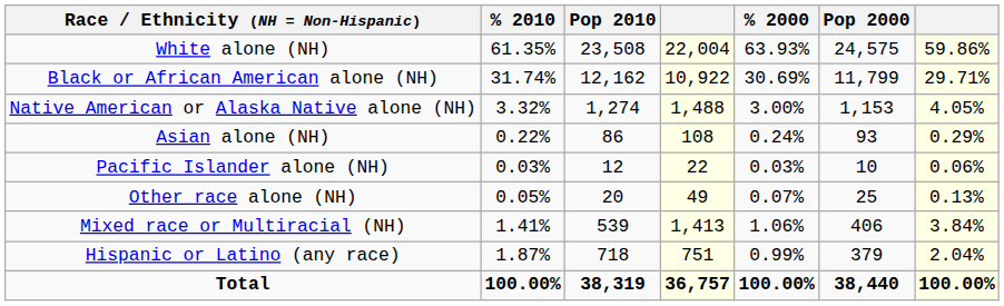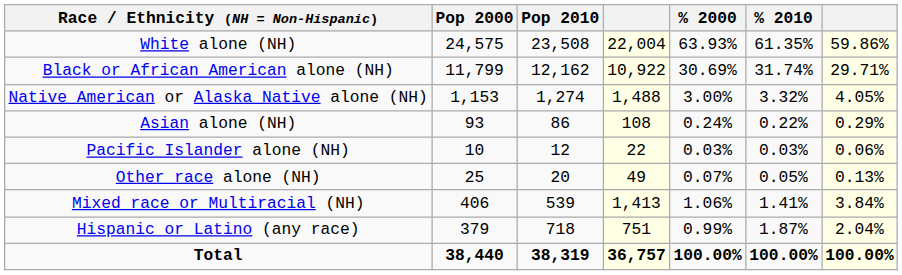 <table class="wikitable" style="text-align:center;">
 <tr>
 <th>Race / Ethnicity <small>(<em>NH = Non-Hispanic</em>)</small></th>
-<th>% 2010</th>
+<th>Pop 2000</th>
 <th>Pop 2010</th>
 <th></th>
 <th>% 2000</th>
-<th>Pop 2000</th>
+<th>% 2010</th>
 <th></th>
 </tr>
 <tr>
 <td><a href='#'>White</a> alone (NH)</td>
-<td>61.35%</td>
+<td>24,575</td>
 <td>23,508</td>
 <td style='background: #ffffe6;'>22,004</td>
 <td>63.93%</td>
-<td>24,575</td>
+<td>61.35%</td>
 <td style='background: #ffffe6;'>59.86%</td>
 </tr>
 <tr>
 <td><a href='#'>Black or African American</a> alone (NH)</td>
-<td>31.74%</td>
+<td>11,799</td>
 <td>12,162</td>
 <td style='background: #ffffe6;'>10,922</td>
 <td>30.69%</td>
-<td>11,799</td>
+<td>31.74%</td>
 <td style='background: #ffffe6;'>29.71%</td>
 </tr>
 <tr>
 <td><a href='#'>Native American</a> or <a href='#'>Alaska Native</a> alone (NH)</td>
-<td>3.32%</td>
+<td>1,153</td>
 <td>1,274</td>
 <td style='background: #ffffe6;'>1,488</td>
 <td>3.00%</td>
-<td>1,153</td>
+<td>3.32%</td>
 <td style='background: #ffffe6;'>4.05%</td>
 </tr>
 <tr>
 <td><a href='#'>Asian</a> alone (NH)</td>
-<td>0.22%</td>
+<td>93</td>
 <td>86</td>
 <td style='background: #ffffe6;'>108</td>
 <td>0.24%</td>
-<td>93</td>
+<td>0.22%</td>
 <td style='background: #ffffe6;'>0.29%</td>
 </tr>
 <tr>
 <td><a href='#'>Pacific Islander</a> alone (NH)</td>
-<td>0.03%</td>
+<td>10</td>
 <td>12</td>
 <td style='background: #ffffe6;'>22</td>
 <td>0.03%</td>
-<td>10</td>
+<td>0.03%</td>
 <td style='background: #ffffe6;'>0.06%</td>
 </tr>
 <tr>
 <td><a href='#'>Other race</a> alone (NH)</td>
-<td>0.05%</td>
+<td>25</td>
 <td>20</td>
 <td style='background: #ffffe6;'>49</td>
 <td>0.07%</td>
-<td>25</td>
+<td>0.05%</td>
 <td style='background: #ffffe6;'>0.13%</td>
 </tr>
 <tr>
 <td><a href='#'>Mixed race or Multiracial</a> (NH)</td>
-<td>1.41%</td>
+<td>406</td>
 <td>539</td>
 <td style='background: #ffffe6;'>1,413</td>
 <td>1.06%</td>
-<td>406</td>
+<td>1.41%</td>
 <td style='background: #ffffe6;'>3.84%</td>
 </tr>
 <tr>
 <td><a href='#'>Hispanic or Latino</a> (any race)</td>
-<td>1.87%</td>
+<td>379</td>
 <td>718</td>
 <td style='background: #ffffe6;'>751</td>
 <td>0.99%</td>
-<td>379</td>
+<td>1.87%</td>
 <td style='background: #ffffe6;'>2.04%</td>
 </tr>
 <tr>
 <td><strong>Total</strong></td>
-<td><strong>100.00%</strong></td>
+<td><strong>38,440</strong></td>
 <td><strong>38,319</strong></td>
 <td style='background: #ffffe6;'><strong>36,757</strong></td>
 <td><strong>100.00%</strong></td>
-<td><strong>38,440</strong></td>
+<td><strong>100.00%</strong></td>
 <td style='background: #ffffe6;'><strong>100.00%</strong></td>
 </tr>
 </table>
